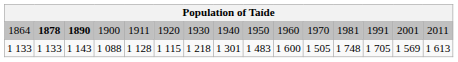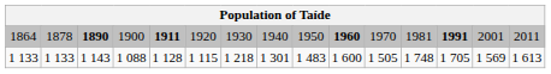 <table class="wikitable">
 <tr>
 <th colspan="15">Population of Taíde </th>
 </tr>
 <tr bgcolor="#C0C0C0">
 <td align="center">1864</td>
-<td align="center"><strong>1878</strong></td>
+<td align="center">1878</td>
 <td align="center"><strong>1890</strong></td>
 <td align="center">1900</td>
-<td align="center">1911</td>
+<td align="center"><strong>1911</strong></td>
 <td align="center">1920</td>
 <td align="center">1930</td>
 <td align="center">1940</td>
 <td align="center">1950</td>
-<td align="center">1960</td>
+<td align="center"><strong>1960</strong></td>
 <td align="center">1970</td>
 <td align="center">1981</td>
-<td align="center">1991</td>
+<td align="center"><strong>1991</strong></td>
 <td align="center">2001</td>
 <td align="center">2011</td>
 </tr>
 <tr>
 <td align="center">1 133</td>
 <td align="center">1 133</td>
 <td align="center">1 143</td>
 <td align="center">1 088</td>
 <td align="center">1 128</td>
 <td align="center">1 115</td>
 <td align="center">1 218</td>
 <td align="center">1 301</td>
 <td align="center">1 483</td>
 <td align="center">1 600</td>
 <td align="center">1 505</td>
 <td align="center">1 748</td>
 <td align="center">1 705</td>
 <td align="center">1 569</td>
 <td align="center">1 613</td>
 </tr>
 </table>
